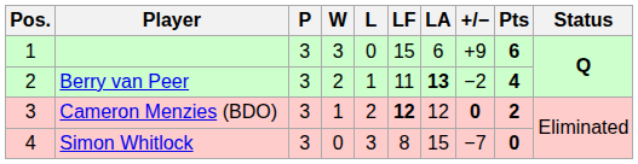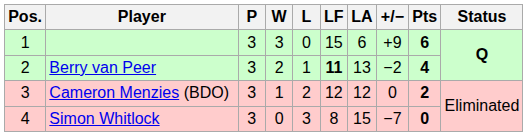 <table class="wikitable" style="text-align:center; margin: 1em auto 1em auto, align:left">
 <tr>
 <th width=20>Pos.</th>
 <th width=185>Player</th>
 <th width=20>P</th>
 <th width=20>W</th>
 <th width=20>L</th>
 <th width=20>LF</th>
 <th width=20>LA</th>
 <th width=25>+/−</th>
 <th width=20>Pts</th>
 <th width=70>Status</th>
 </tr>
 <tr style="background:#CCFFCC;">
 <td>1</td>
 <td align=left></td>
 <td>3</td>
 <td>3</td>
 <td>0</td>
 <td>15</td>
 <td>6</td>
 <td>+9</td>
 <td><strong>6</strong></td>
 <td rowspan=2><strong>Q</strong></td>
 </tr>
 <tr style="background:#CCFFCC;">
 <td>2</td>
 <td align=left> <a href='#'>Berry van Peer</a></td>
 <td>3</td>
 <td>2</td>
 <td>1</td>
-<td>11</td>
-<td><strong>13</strong></td>
+<td><strong>11</strong></td>
+<td>13</td>
 <td>−2</td>
 <td><strong>4</strong></td>
 </tr>
 <tr style="background:#FFCCCC;">
 <td>3</td>
 <td align=left> <a href='#'>Cameron Menzies</a> (BDO)</td>
 <td>3</td>
 <td>1</td>
 <td>2</td>
-<td><strong>12</strong></td>
 <td>12</td>
-<td><strong>0</strong></td>
+<td>12</td>
+<td>0</td>
 <td><strong>2</strong></td>
 <td rowspan=2>Eliminated</td>
 </tr>
 <tr style="background:#FFCCCC;">
 <td>4</td>
 <td align=left> <a href='#'>Simon Whitlock</a></td>
 <td>3</td>
 <td>0</td>
 <td>3</td>
 <td>8</td>
 <td>15</td>
 <td>−7</td>
 <td><strong>0</strong></td>
 </tr>
 </table>
